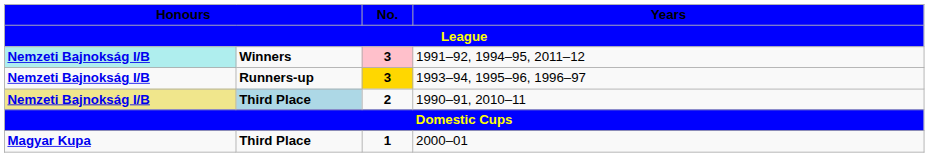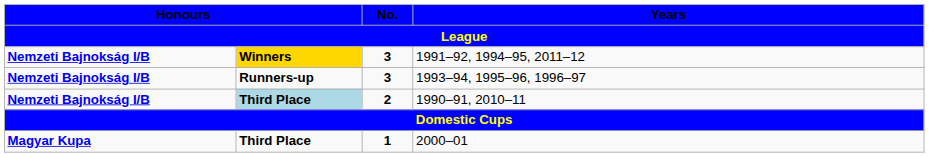 <table class="wikitable" width=70%>
 <tr>
 <th width=35% colspan=2 style="background:blue;"><span>Honours</span></th>
 <th width=5% style="background:blue;"><span>No.</span></th>
 <th width=50% style="background:blue;"><span>Years</span></th>
 </tr>
 <tr>
 <th colspan="6" style="color:yellow; background:blue"><strong>League</strong></th>
 </tr>
 <tr>
-<td style="background: paleturquoise;"><strong><a href='#'>Nemzeti Bajnokság I/B</a></strong></td>
-<td><strong>Winners</strong></td>
-<td align=center style="background: pink;"><strong>3</strong></td>
+<td><strong><a href='#'>Nemzeti Bajnokság I/B</a></strong></td>
+<td style="background: gold;"><strong>Winners</strong></td>
+<td align=center><strong>3</strong></td>
 <td>1991–92, 1994–95, 2011–12</td>
 </tr>
 <tr>
 <td><strong><a href='#'>Nemzeti Bajnokság I/B</a></strong></td>
 <td><strong>Runners-up</strong></td>
-<td align=center style="background: gold;"><strong>3</strong></td>
+<td align=center><strong>3</strong></td>
 <td>1993–94, 1995–96, 1996–97</td>
 </tr>
 <tr>
-<td style="background: khaki;"><strong><a href='#'>Nemzeti Bajnokság I/B</a></strong></td>
+<td><strong><a href='#'>Nemzeti Bajnokság I/B</a></strong></td>
 <td style="background: lightblue;"><strong>Third Place</strong></td>
 <td align=center><strong>2</strong></td>
 <td>1990–91, 2010–11</td>
 </tr>
 <tr>
 <th colspan="6" style="color:yellow; background:blue"><strong>Domestic Cups</strong></th>
 </tr>
 <tr>
 <td><strong><a href='#'>Magyar Kupa</a></strong></td>
 <td><strong>Third Place</strong></td>
 <td align=center><strong>1</strong></td>
 <td>2000–01</td>
 </tr>
 </table>
